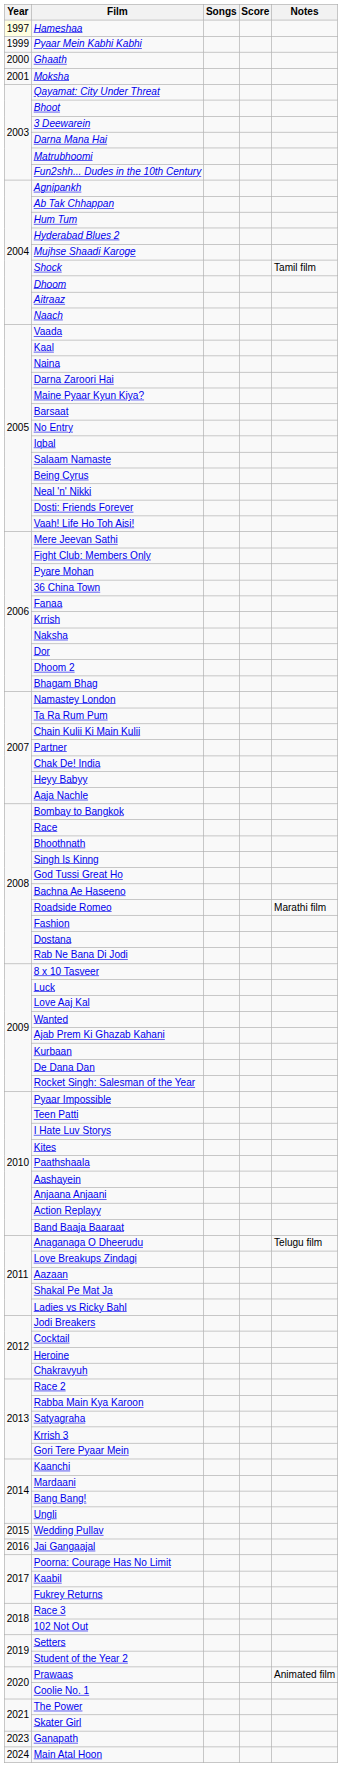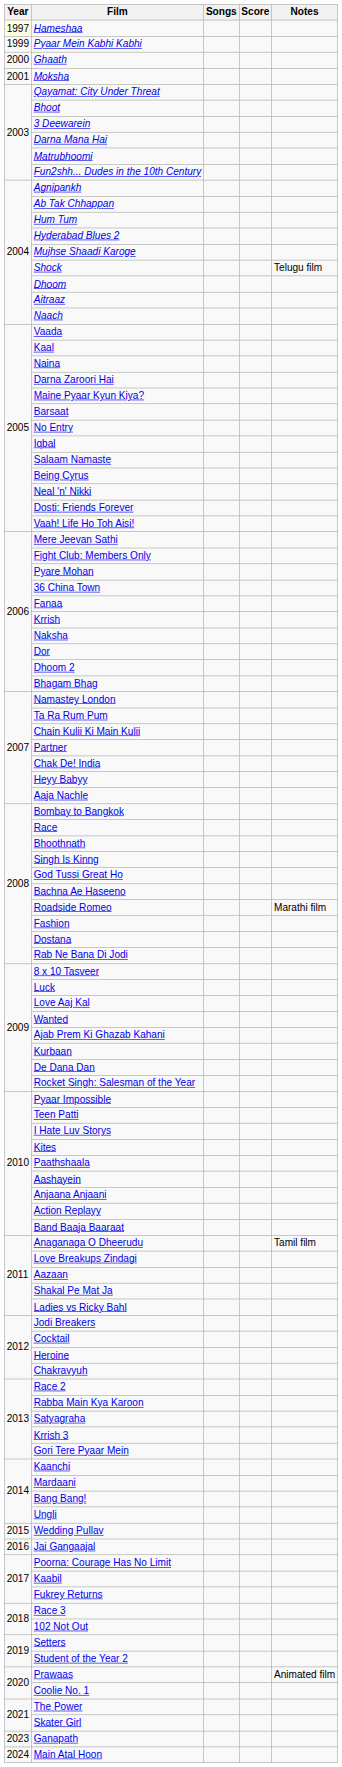 <table class="wikitable">
 <tr>
 <th>Year</th>
 <th>Film</th>
 <th>Songs</th>
 <th>Score</th>
 <th>Notes</th>
 </tr>
 <tr>
 <td style="background: lightyellow;">1997</td>
 <td><em><a href='#'>Hameshaa</a></em></td>
 <td></td>
 <td></td>
 <td></td>
 </tr>
 <tr>
 <td>1999</td>
 <td><em><a href='#'>Pyaar Mein Kabhi Kabhi</a></em></td>
 <td></td>
 <td></td>
 <td></td>
 </tr>
 <tr>
 <td>2000</td>
 <td><em><a href='#'>Ghaath</a></em></td>
 <td></td>
 <td></td>
 <td></td>
 </tr>
 <tr>
 <td>2001</td>
 <td><em><a href='#'>Moksha</a></em></td>
 <td></td>
 <td></td>
 <td></td>
 </tr>
 <tr>
 <td rowspan=6>2003</td>
 <td><em><a href='#'>Qayamat: City Under Threat</a></em></td>
 <td></td>
 <td></td>
 <td></td>
 </tr>
 <tr>
 <td><em><a href='#'>Bhoot</a></em></td>
 <td></td>
 <td></td>
 <td></td>
 </tr>
 <tr>
 <td><em><a href='#'>3 Deewarein</a></em></td>
 <td></td>
 <td></td>
 <td></td>
 </tr>
 <tr>
 <td><em><a href='#'>Darna Mana Hai</a></em></td>
 <td></td>
 <td></td>
 <td></td>
 </tr>
 <tr>
 <td><em><a href='#'>Matrubhoomi</a></em></td>
 <td></td>
 <td></td>
 <td></td>
 </tr>
 <tr>
 <td><em><a href='#'>Fun2shh... Dudes in the 10th Century</a></em></td>
 <td></td>
 <td></td>
 <td></td>
 </tr>
 <tr>
 <td rowspan=9>2004</td>
 <td><em><a href='#'>Agnipankh</a></em></td>
 <td></td>
 <td></td>
 <td></td>
 </tr>
 <tr>
 <td><em><a href='#'>Ab Tak Chhappan</a></em></td>
 <td></td>
 <td></td>
 <td></td>
 </tr>
 <tr>
 <td><em><a href='#'>Hum Tum</a></em></td>
 <td></td>
 <td></td>
 <td></td>
 </tr>
 <tr>
 <td><em><a href='#'>Hyderabad Blues 2</a></em></td>
 <td></td>
 <td></td>
 <td></td>
 </tr>
 <tr>
 <td><em><a href='#'>Mujhse Shaadi Karoge</a></em></td>
 <td></td>
 <td></td>
 <td></td>
 </tr>
 <tr>
 <td><em><a href='#'>Shock</a></em></td>
 <td></td>
 <td></td>
-<td>Tamil film</td>
+<td>Telugu film</td>
 </tr>
 <tr>
 <td><em><a href='#'>Dhoom</a></em></td>
 <td></td>
 <td></td>
 <td></td>
 </tr>
 <tr>
 <td><em><a href='#'>Aitraaz</a></em></td>
 <td></td>
 <td></td>
 <td></td>
 </tr>
 <tr>
 <td><em><a href='#'>Naach</a><strong></td>
 <td></td>
 <td></td>
 <td></td>
 </tr>
 <tr>
 <td rowspan="13">2005</td>
 <td><a href='#'></em>Vaada<em></a></td>
 <td></td>
 <td></td>
 <td></td>
 </tr>
 <tr>
 <td></em><a href='#'>Kaal</a><em></td>
 <td></td>
 <td></td>
 <td></td>
 </tr>
 <tr>
 <td></em><a href='#'>Naina</a><em></td>
 <td></td>
 <td></td>
 <td></td>
 </tr>
 <tr>
 <td><a href='#'></em>Darna Zaroori Hai<em></a></td>
 <td></td>
 <td></td>
 <td></td>
 </tr>
 <tr>
 <td></em><a href='#'>Maine Pyaar Kyun Kiya?</a><em></td>
 <td></td>
 <td></td>
 <td></td>
 </tr>
 <tr>
 <td></em><a href='#'>Barsaat</a><em></td>
 <td></td>
 <td></td>
 <td></td>
 </tr>
 <tr>
 <td></em><a href='#'>No Entry</a><em></td>
 <td></td>
 <td></td>
 <td></td>
 </tr>
 <tr>
 <td></em><a href='#'>Iqbal</a><em></td>
 <td></td>
 <td></td>
 <td></td>
 </tr>
 <tr>
 <td></em><a href='#'>Salaam Namaste</a><em></td>
 <td></td>
 <td></td>
 <td></td>
 </tr>
 <tr>
 <td></em><a href='#'>Being Cyrus</a><em></td>
 <td></td>
 <td></td>
 <td></td>
 </tr>
 <tr>
 <td></em><a href='#'>Neal 'n' Nikki</a><em></td>
 <td></td>
 <td></td>
 <td></td>
 </tr>
 <tr>
 <td></em><a href='#'>Dosti: Friends Forever</a><em></td>
 <td></td>
 <td></td>
 <td></td>
 </tr>
 <tr>
 <td></em><a href='#'>Vaah! Life Ho Toh Aisi!</a><em></td>
 <td></td>
 <td></td>
 <td></td>
 </tr>
 <tr>
 <td rowspan=10>2006</td>
 <td></em><a href='#'>Mere Jeevan Sathi</a><em></td>
 <td></td>
 <td></td>
 <td></td>
 </tr>
 <tr>
 <td></em><a href='#'>Fight Club: Members Only</a><em></td>
 <td></td>
 <td></td>
 <td></td>
 </tr>
 <tr>
 <td></em><a href='#'>Pyare Mohan</a><em></td>
 <td></td>
 <td></td>
 <td></td>
 </tr>
 <tr>
 <td></em><a href='#'>36 China Town</a><em></td>
 <td></td>
 <td></td>
 <td></td>
 </tr>
 <tr>
 <td></em><a href='#'>Fanaa</a><em></td>
 <td></td>
 <td></td>
 <td></td>
 </tr>
 <tr>
 <td></em><a href='#'>Krrish</a><em></td>
 <td></td>
 <td></td>
 <td></td>
 </tr>
 <tr>
 <td></em><a href='#'>Naksha</a><em></td>
 <td></td>
 <td></td>
 <td></td>
 </tr>
 <tr>
 <td></em><a href='#'>Dor</a><em></td>
 <td></td>
 <td></td>
 <td></td>
 </tr>
 <tr>
 <td></em><a href='#'>Dhoom 2</a><em></td>
 <td></td>
 <td></td>
 <td></td>
 </tr>
 <tr>
 <td></em><a href='#'>Bhagam Bhag</a><em></td>
 <td></td>
 <td></td>
 <td></td>
 </tr>
 <tr>
 <td rowspan=7>2007</td>
 <td></em><a href='#'>Namastey London</a><em></td>
 <td></td>
 <td></td>
 <td></td>
 </tr>
 <tr>
 <td></em><a href='#'>Ta Ra Rum Pum</a><em></td>
 <td></td>
 <td></td>
 <td></td>
 </tr>
 <tr>
 <td></em><a href='#'>Chain Kulii Ki Main Kulii</a><em></td>
 <td></td>
 <td></td>
 <td></td>
 </tr>
 <tr>
 <td></em><a href='#'>Partner</a><em></td>
 <td></td>
 <td></td>
 <td></td>
 </tr>
 <tr>
 <td></em><a href='#'>Chak De! India</a><em></td>
 <td></td>
 <td></td>
 <td></td>
 </tr>
 <tr>
 <td></em><a href='#'>Heyy Babyy</a><em></td>
 <td></td>
 <td></td>
 <td></td>
 </tr>
 <tr>
 <td></em><a href='#'>Aaja Nachle</a><em></td>
 <td></td>
 <td></td>
 <td></td>
 </tr>
 <tr>
 <td rowspan="10">2008</td>
 <td></em><a href='#'>Bombay to Bangkok</a><em></td>
 <td></td>
 <td></td>
 <td></td>
 </tr>
 <tr>
 <td></em><a href='#'>Race</a><em></td>
 <td></td>
 <td></td>
 <td></td>
 </tr>
 <tr>
 <td></em><a href='#'>Bhoothnath</a><em></td>
 <td></td>
 <td></td>
 <td></td>
 </tr>
 <tr>
 <td></em><a href='#'>Singh Is Kinng</a><em></td>
 <td></td>
 <td></td>
 <td></td>
 </tr>
 <tr>
 <td></em><a href='#'>God Tussi Great Ho</a><em></td>
 <td></td>
 <td></td>
 <td></td>
 </tr>
 <tr>
 <td></em><a href='#'>Bachna Ae Haseeno</a><em></td>
 <td></td>
 <td></td>
 <td></td>
 </tr>
 <tr>
 <td></em><a href='#'>Roadside Romeo</a><em></td>
 <td></td>
 <td></td>
 <td>Marathi film</td>
 </tr>
 <tr>
 <td></em><a href='#'>Fashion</a><em></td>
 <td></td>
 <td></td>
 <td></td>
 </tr>
 <tr>
 <td></em><a href='#'>Dostana</a><em></td>
 <td></td>
 <td></td>
 <td></td>
 </tr>
 <tr>
 <td></em><a href='#'>Rab Ne Bana Di Jodi</a><em></td>
 <td></td>
 <td></td>
 <td></td>
 </tr>
 <tr>
 <td rowspan="8">2009</td>
 <td></em><a href='#'>8 x 10 Tasveer</a><em></td>
 <td></td>
 <td></td>
 <td></td>
 </tr>
 <tr>
 <td></em><a href='#'>Luck</a><em></td>
 <td></td>
 <td></td>
 <td></td>
 </tr>
 <tr>
 <td></em><a href='#'>Love Aaj Kal</a><em></td>
 <td></td>
 <td></td>
 <td></td>
 </tr>
 <tr>
 <td></em><a href='#'>Wanted</a><em></td>
 <td></td>
 <td></td>
 <td></td>
 </tr>
 <tr>
 <td></em><a href='#'>Ajab Prem Ki Ghazab Kahani</a><em></td>
 <td></td>
 <td></td>
 <td></td>
 </tr>
 <tr>
 <td></em><a href='#'>Kurbaan</a><em></td>
 <td></td>
 <td></td>
 <td></td>
 </tr>
 <tr>
 <td></em><a href='#'>De Dana Dan</a><em></td>
 <td></td>
 <td></td>
 <td></td>
 </tr>
 <tr>
 <td></em><a href='#'>Rocket Singh: Salesman of the Year</a><em></td>
 <td></td>
 <td></td>
 <td></td>
 </tr>
 <tr>
 <td rowspan=9>2010</td>
 <td></em><a href='#'>Pyaar Impossible</a><em></td>
 <td></td>
 <td></td>
 <td></td>
 </tr>
 <tr>
 <td></em><a href='#'>Teen Patti</a><em></td>
 <td></td>
 <td></td>
 <td></td>
 </tr>
 <tr>
 <td></em><a href='#'>I Hate Luv Storys</a><em></td>
 <td></td>
 <td></td>
 <td></td>
 </tr>
 <tr>
 <td></em><a href='#'>Kites</a><em></td>
 <td></td>
 <td></td>
 <td></td>
 </tr>
 <tr>
 <td></em><a href='#'>Paathshaala</a><em></td>
 <td></td>
 <td></td>
 <td></td>
 </tr>
 <tr>
 <td></em><a href='#'>Aashayein</a><em></td>
 <td></td>
 <td></td>
 <td></td>
 </tr>
 <tr>
 <td></em><a href='#'>Anjaana Anjaani</a><em></td>
 <td></td>
 <td></td>
 <td></td>
 </tr>
 <tr>
 <td></em><a href='#'>Action Replayy</a><em></td>
 <td></td>
 <td></td>
 <td></td>
 </tr>
 <tr>
 <td></em><a href='#'>Band Baaja Baaraat</a><em></td>
 <td></td>
 <td></td>
 <td></td>
 </tr>
 <tr>
 <td rowspan=5>2011</td>
 <td></em><a href='#'>Anaganaga O Dheerudu</a><em></td>
 <td></td>
 <td></td>
-<td>Telugu film</td>
+<td>Tamil film</td>
 </tr>
 <tr>
 <td></em><a href='#'>Love Breakups Zindagi</a><em></td>
 <td></td>
 <td></td>
 <td></td>
 </tr>
 <tr>
 <td></em><a href='#'>Aazaan</a><em></td>
 <td></td>
 <td></td>
 <td></td>
 </tr>
 <tr>
 <td></em><a href='#'>Shakal Pe Mat Ja</a><em></td>
 <td></td>
 <td></td>
 <td></td>
 </tr>
 <tr>
 <td></em><a href='#'>Ladies vs Ricky Bahl</a><em></td>
 <td></td>
 <td></td>
 <td></td>
 </tr>
 <tr>
 <td rowspan="4">2012</td>
 <td></em><a href='#'>Jodi Breakers</a><em></td>
 <td></td>
 <td></td>
 <td></td>
 </tr>
 <tr>
 <td></em><a href='#'>Cocktail</a><em></td>
 <td></td>
 <td></td>
 <td></td>
 </tr>
 <tr>
 <td></em><a href='#'>Heroine</a><em></td>
 <td></td>
 <td></td>
 <td></td>
 </tr>
 <tr>
 <td></em><a href='#'>Chakravyuh</a><em></td>
 <td></td>
 <td></td>
 <td></td>
 </tr>
 <tr>
 <td rowspan="5">2013</td>
 <td></em><a href='#'>Race 2</a><em></td>
 <td></td>
 <td></td>
 <td></td>
 </tr>
 <tr>
 <td></em><a href='#'>Rabba Main Kya Karoon</a><em></td>
 <td></td>
 <td></td>
 <td></td>
 </tr>
 <tr>
 <td></em><a href='#'>Satyagraha</a><em></td>
 <td></td>
 <td></td>
 <td></td>
 </tr>
 <tr>
 <td></em><a href='#'>Krrish 3</a><em></td>
 <td></td>
 <td></td>
 <td></td>
 </tr>
 <tr>
 <td></em><a href='#'>Gori Tere Pyaar Mein</a><em></td>
 <td></td>
 <td></td>
 <td></td>
 </tr>
 <tr>
 <td rowspan=4>2014</td>
 <td></em><a href='#'>Kaanchi</a><em></td>
 <td></td>
 <td></td>
 <td></td>
 </tr>
 <tr>
 <td></em><a href='#'>Mardaani</a><em></td>
 <td></td>
 <td></td>
 <td></td>
 </tr>
 <tr>
 <td></em><a href='#'>Bang Bang!</a><em></td>
 <td></td>
 <td></td>
 <td></td>
 </tr>
 <tr>
 <td></em><a href='#'>Ungli</a><em></td>
 <td></td>
 <td></td>
 <td></td>
 </tr>
 <tr>
 <td>2015</td>
 <td></em><a href='#'>Wedding Pullav</a><em></td>
 <td></td>
 <td></td>
 <td></td>
 </tr>
 <tr>
 <td>2016</td>
 <td></em><a href='#'>Jai Gangaajal</a><em></td>
 <td></td>
 <td></td>
 <td></td>
 </tr>
 <tr>
 <td rowspan=3>2017</td>
 <td></em><a href='#'>Poorna: Courage Has No Limit</a><em></td>
 <td></td>
 <td></td>
 <td></td>
 </tr>
 <tr>
 <td></em><a href='#'>Kaabil</a><em></td>
 <td></td>
 <td></td>
 <td></td>
 </tr>
 <tr>
 <td></em><a href='#'>Fukrey Returns</a><em></td>
 <td></td>
 <td></td>
 <td></td>
 </tr>
 <tr>
 <td rowspan=2>2018</td>
 <td></em><a href='#'>Race 3</a><em></td>
 <td></td>
 <td></td>
 <td></td>
 </tr>
 <tr>
 <td></em><a href='#'>102 Not Out</a><em></td>
 <td></td>
 <td></td>
 <td></td>
 </tr>
 <tr>
 <td rowspan=2>2019</td>
 <td></em><a href='#'>Setters</a><em></td>
 <td></td>
 <td></td>
 <td></td>
 </tr>
 <tr>
 <td></em><a href='#'>Student of the Year 2</a><em></td>
 <td></td>
 <td></td>
 <td></td>
 </tr>
 <tr>
 <td rowspan=2>2020</td>
 <td></em><a href='#'>Prawaas</a><em></td>
 <td></td>
 <td></td>
 <td>Animated film</td>
 </tr>
 <tr>
 <td></em><a href='#'>Coolie No. 1</a><em></td>
 <td></td>
 <td></td>
 <td></td>
 </tr>
 <tr>
 <td rowspan=2>2021</td>
 <td></em><a href='#'>The Power</a><em></td>
 <td></td>
 <td></td>
 <td></td>
 </tr>
 <tr>
 <td></em><a href='#'>Skater Girl</a><em></td>
 <td></td>
 <td></td>
 <td></td>
 </tr>
 <tr>
 <td>2023</td>
 <td></em><a href='#'>Ganapath</a><em></td>
 <td></td>
 <td></td>
 <td></td>
 </tr>
 <tr>
 <td>2024</td>
 <td></em><a href='#'>Main Atal Hoon</a><em></td>
 <td></td>
 <td></td>
 <td></td>
 </tr>
 </table>
